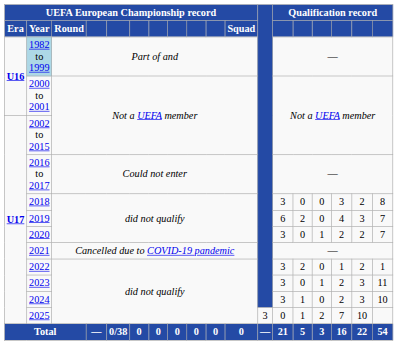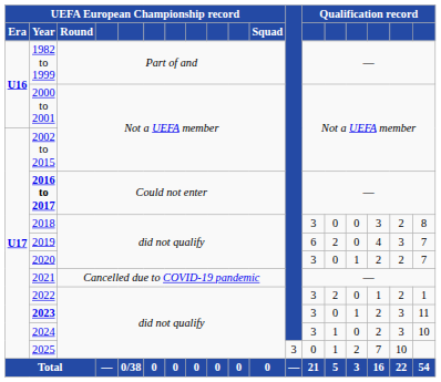 <table class="wikitable" style="text-align:center;">
 <tr>
 <th colspan="11" style="background:#244AA5; color:white; ">UEFA European Championship record</th>
 <th rowspan="13" style="background:#244AA5"></th>
 <th colspan="7" style="background:#244AA5; color:white; ">Qualification record</th>
 </tr>
 <tr>
 <th style="background:#244AA5; color:white; ">Era</th>
 <th style="background:#244AA5; color:white; ">Year</th>
 <th style="background:#244AA5; color:white; ">Round</th>
 <th width="28" style="background:#244AA5; color:white; "></th>
 <th width="28" style="background:#244AA5; color:white; "></th>
 <th width="28" style="background:#244AA5; color:white; "></th>
 <th width="28" style="background:#244AA5; color:white; "></th>
 <th width="28" style="background:#244AA5; color:white; "></th>
 <th width="28" style="background:#244AA5; color:white; "></th>
 <th width="28" style="background:#244AA5; color:white; "></th>
 <th style="background:#244AA5; color:white; ">Squad</th>
 <th width="28" style="background:#244AA5; color:white; "></th>
 <th width="28" style="background:#244AA5; color:white; "></th>
 <th width="28" style="background:#244AA5; color:white; "></th>
 <th width="28" style="background:#244AA5; color:white; "></th>
 <th width="28" style="background:#244AA5; color:white; "></th>
 <th width="28" style="background:#244AA5; color:white; "></th>
 </tr>
 <tr>
 <td rowspan="2"><strong><a href='#'>U16</a></strong></td>
-<td style="background: lightblue;"> <a href='#'>1982</a> to  <a href='#'>1999</a></td>
+<td> <a href='#'>1982</a> to  <a href='#'>1999</a></td>
 <td colspan="9"><em>Part of  and </em></td>
 <td colspan="6">—</td>
 </tr>
 <tr>
 <td> <a href='#'>2000</a> to  <a href='#'>2001</a></td>
 <td rowspan="2" colspan="9"><em>Not a <a href='#'>UEFA</a> member</em></td>
 <td rowspan="2" colspan="6"><em>Not a <a href='#'>UEFA</a> member</em></td>
 </tr>
 <tr>
 <td rowspan="10"><strong><a href='#'>U17</a></strong></td>
 <td> <a href='#'>2002</a> to  <a href='#'>2015</a></td>
 </tr>
 <tr>
-<td> <a href='#'>2016</a> to  <a href='#'>2017</a></td>
+<td><strong> <a href='#'>2016</a> to  <a href='#'>2017</a></strong></td>
 <td colspan="9"><em>Could not enter</em></td>
 <td colspan="6">—</td>
 </tr>
 <tr>
 <td> <a href='#'>2018</a></td>
 <td colspan="9" rowspan="3"><em>did not qualify</em></td>
 <td>3</td>
 <td>0</td>
 <td>0</td>
 <td>3</td>
 <td>2</td>
 <td>8</td>
 </tr>
 <tr>
 <td> <a href='#'>2019</a></td>
 <td>6</td>
 <td>2</td>
 <td>0</td>
 <td>4</td>
 <td>3</td>
 <td>7</td>
 </tr>
 <tr>
 <td> <a href='#'>2020</a></td>
 <td>3</td>
 <td>0</td>
 <td>1</td>
 <td>2</td>
 <td>2</td>
 <td>7</td>
 </tr>
 <tr>
 <td> <a href='#'>2021</a></td>
 <td colspan="9"><em>Cancelled due to <a href='#'>COVID-19 pandemic</a></em></td>
 <td colspan="6">—</td>
 </tr>
 <tr>
 <td> <a href='#'>2022</a></td>
 <td colspan="9" rowspan="4"><em>did not qualify</em></td>
 <td>3</td>
 <td>2</td>
 <td>0</td>
 <td>1</td>
 <td>2</td>
 <td>1</td>
 </tr>
 <tr>
-<td> <a href='#'>2023</a></td>
+<td><strong> <a href='#'>2023</a></strong></td>
 <td>3</td>
 <td>0</td>
 <td>1</td>
 <td>2</td>
 <td>3</td>
 <td>11</td>
 </tr>
 <tr>
 <td> <a href='#'>2024</a></td>
 <td>3</td>
 <td>1</td>
 <td>0</td>
 <td>2</td>
 <td>3</td>
 <td>10</td>
 </tr>
 <tr>
 <td> <a href='#'>2025</a></td>
 <td>3</td>
 <td>0</td>
 <td>1</td>
 <td>2</td>
 <td>7</td>
 <td>10</td>
 </tr>
 <tr>
 <th colspan="3" rowspan="1" style="background:#244AA5; color:white; ">Total</th>
 <th style="background:#244AA5; color:white; ">—</th>
 <th style="background:#244AA5; color:white; ">0/38</th>
 <th style="background:#244AA5; color:white; ">0</th>
 <th style="background:#244AA5; color:white; ">0</th>
 <th style="background:#244AA5; color:white; ">0</th>
 <th style="background:#244AA5; color:white; ">0</th>
 <th style="background:#244AA5; color:white; ">0</th>
 <th style="background:#244AA5; color:white; ">0</th>
 <th style="background:#244AA5; color:white; ">—</th>
 <th style="background:#244AA5; color:white; ">21</th>
 <th style="background:#244AA5; color:white; ">5</th>
 <th style="background:#244AA5; color:white; ">3</th>
 <th style="background:#244AA5; color:white; ">16</th>
 <th style="background:#244AA5; color:white; ">22</th>
 <th style="background:#244AA5; color:white; ">54</th>
 </tr>
 </table>
